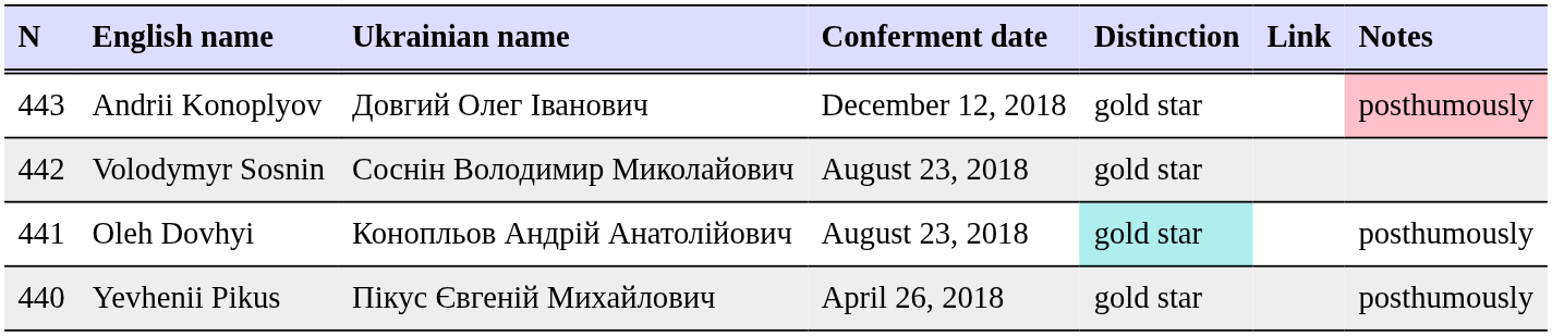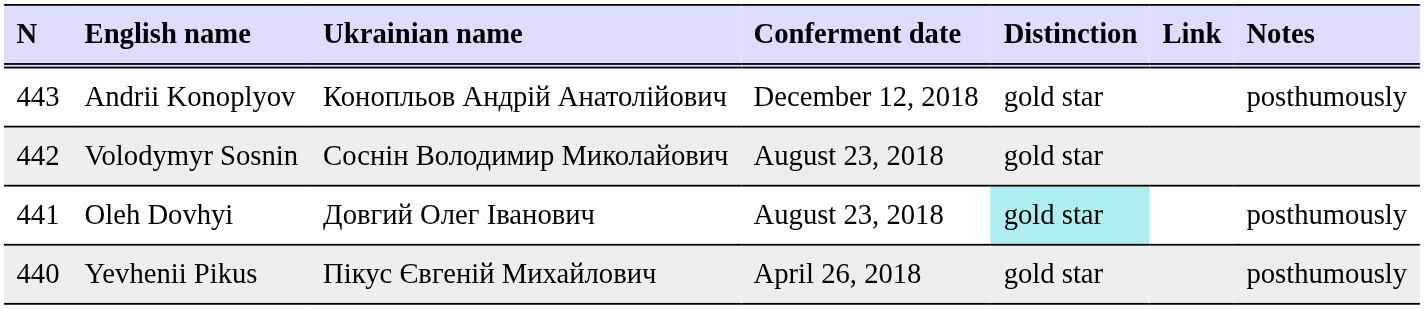 <table border=1 cellspacing=0 cellpadding=7 style="border-collapse:collapse; border:0 none;" frame=void rules=rows>
 <tr valign=bottom style="border-bottom:3px double black;background:#ddddff;">
 <th align=left>N</th>
 <th align=left>English name</th>
 <th align=left>Ukrainian name</th>
 <th align=left>Conferment date</th>
 <th align=left>Distinction</th>
 <th align=left>Link</th>
 <th align=left>Notes</th>
 </tr>
 <tr valign=top style="border-bottom:1px solid black;">
 <td>443</td>
 <td>Andrii Konoplyov</td>
-<td>Довгий Олег Іванович</td>
+<td>Конопльов Андрій Анатолійович</td>
 <td>December 12, 2018</td>
 <td>gold star</td>
 <td></td>
-<td style="background: pink;">posthumously</td>
+<td>posthumously</td>
 </tr>
 <tr valign=top style="border-bottom:1px solid black;background:#eee;">
 <td>442</td>
 <td>Volodymyr Sosnin</td>
 <td>Соснін Володимир Миколайович</td>
 <td>August 23, 2018</td>
 <td>gold star</td>
 <td></td>
 <td></td>
 </tr>
 <tr valign=top style="border-bottom:1px solid black;">
 <td>441</td>
 <td>Oleh Dovhyi</td>
-<td>Конопльов Андрій Анатолійович</td>
+<td>Довгий Олег Іванович</td>
 <td>August 23, 2018</td>
 <td style="background: paleturquoise;">gold star</td>
 <td></td>
 <td>posthumously</td>
 </tr>
 <tr valign=top style="border-bottom:1px solid black;background:#eee;">
 <td>440</td>
 <td>Yevhenii Pikus</td>
 <td>Пікус Євгеній Михайлович</td>
 <td>April 26, 2018</td>
 <td>gold star</td>
 <td></td>
 <td>posthumously</td>
 </tr>
 <tr>
 </tr>
 </table>
